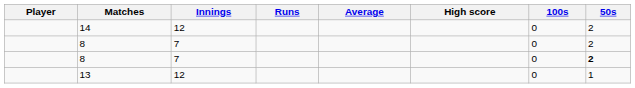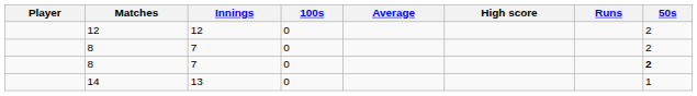 <table class="wikitable sortable" style="width:80%;">
 <tr>
 <th>Player</th>
 <th>Matches</th>
 <th><a href='#'>Innings</a></th>
-<th><a href='#'>Runs</a></th>
+<th><a href='#'>100s</a></th>
 <th><a href='#'>Average</a></th>
 <th>High score</th>
-<th><a href='#'>100s</a></th>
+<th><a href='#'>Runs</a></th>
 <th><a href='#'>50s</a></th>
 </tr>
 <tr>
 <td></td>
-<td>14</td>
 <td>12</td>
+<td>12</td>
+<td>0</td>
 <td></td>
 <td></td>
 <td></td>
-<td>0</td>
 <td>2</td>
 </tr>
 <tr>
 <td></td>
 <td>8</td>
 <td>7</td>
+<td>0</td>
 <td></td>
 <td></td>
 <td></td>
-<td>0</td>
 <td>2</td>
 </tr>
 <tr>
 <td></td>
 <td>8</td>
 <td>7</td>
+<td>0</td>
 <td></td>
 <td></td>
 <td></td>
-<td>0</td>
 <td><strong>2</strong></td>
 </tr>
 <tr>
 <td></td>
+<td>14</td>
 <td>13</td>
-<td>12</td>
+<td>0</td>
 <td></td>
 <td></td>
 <td></td>
-<td>0</td>
 <td>1</td>
 </tr>
 </table>
